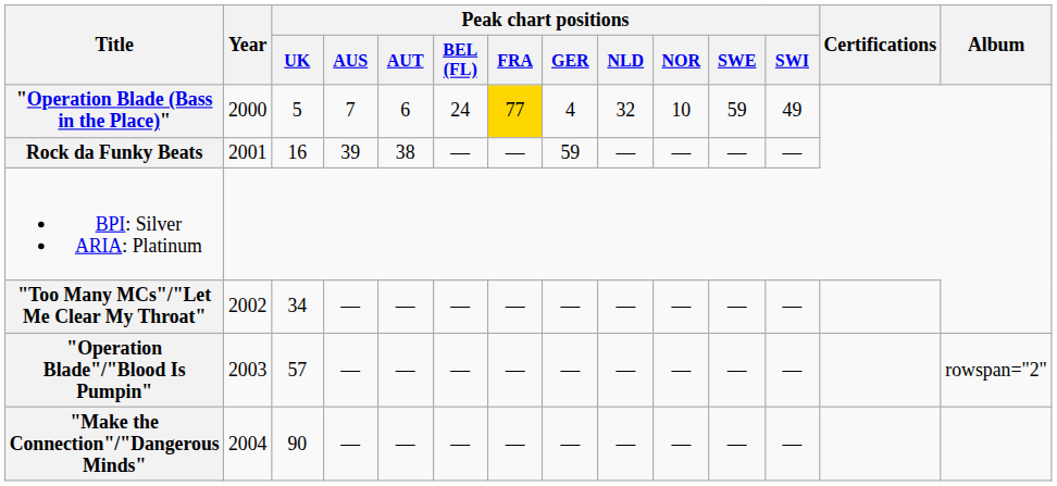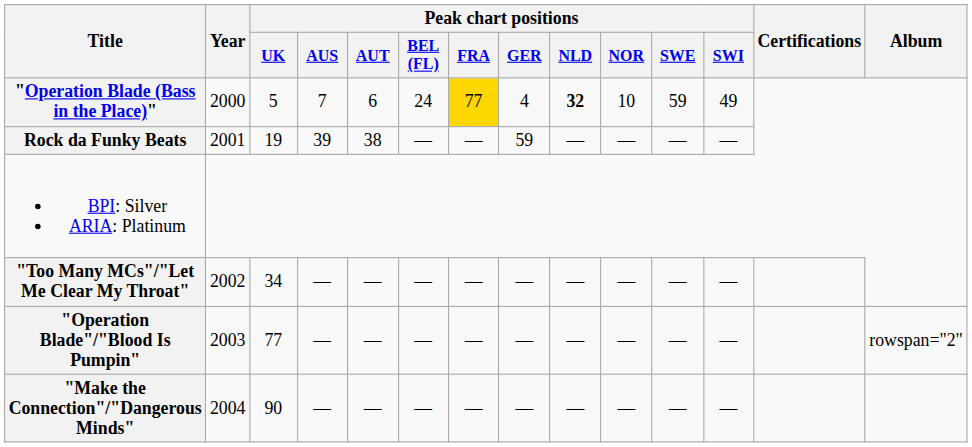 <table class="wikitable plainrowheaders" style="text-align:center;">
 <tr>
 <th scope="col" rowspan="2">Title</th>
 <th scope="col" rowspan="2">Year</th>
 <th scope="col" colspan="10">Peak chart positions</th>
 <th scope="col" rowspan="2">Certifications</th>
 <th scope="col" rowspan="2">Album</th>
 </tr>
 <tr>
 <th scope="col" style="width:3em;font-size:90%;"><a href='#'>UK</a><br></th>
 <th scope="col" style="width:3em;font-size:90%;"><a href='#'>AUS</a><br></th>
 <th scope="col" style="width:3em;font-size:90%;"><a href='#'>AUT</a><br></th>
 <th scope="col" style="width:3em;font-size:90%;"><a href='#'>BEL<br>(FL)</a><br></th>
 <th scope="col" style="width:3em;font-size:90%;"><a href='#'>FRA</a><br></th>
 <th scope="col" style="width:3em;font-size:90%;"><a href='#'>GER</a><br></th>
 <th scope="col" style="width:3em;font-size:90%;"><a href='#'>NLD</a><br></th>
 <th scope="col" style="width:3em;font-size:90%;"><a href='#'>NOR</a><br></th>
 <th scope="col" style="width:3em;font-size:90%;"><a href='#'>SWE</a><br></th>
 <th scope="col" style="width:3em;font-size:90%;"><a href='#'>SWI</a><br></th>
 </tr>
 <tr>
 <th scope="row">"<a href='#'>Operation Blade (Bass in the Place)</a>"</th>
 <td>2000</td>
 <td>5</td>
 <td>7</td>
 <td>6</td>
 <td>24</td>
 <td style="background: gold;">77</td>
 <td>4</td>
-<td>32</td>
+<td><strong>32</strong></td>
 <td>10</td>
 <td>59</td>
 <td>49</td>
 </tr>
 <tr>
 <th scope="row">Rock da Funky Beats<br></th>
 <td>2001</td>
-<td>16</td>
+<td>19</td>
 <td>39</td>
 <td>38</td>
 <td>—</td>
 <td>—</td>
 <td>59</td>
 <td>—</td>
 <td>—</td>
 <td>—</td>
 <td>—</td>
 </tr>
 <tr>
 <td><br><ul><li><a href='#'>BPI</a>: Silver</li><li><a href='#'>ARIA</a>: Platinum</li></ul></td>
 </tr>
 <tr>
 <th scope="row">"Too Many MCs"/"Let Me Clear My Throat"</th>
 <td>2002</td>
 <td>34</td>
 <td>—</td>
 <td>—</td>
 <td>—</td>
 <td>—</td>
 <td>—</td>
 <td>—</td>
 <td>—</td>
 <td>—</td>
 <td>—</td>
 <td></td>
 </tr>
 <tr>
 <th scope="row">"Operation Blade"/"Blood Is Pumpin"<br></th>
 <td>2003</td>
-<td>57</td>
+<td>77</td>
 <td>—</td>
 <td>—</td>
 <td>—</td>
 <td>—</td>
 <td>—</td>
 <td>—</td>
 <td>—</td>
 <td>—</td>
 <td>—</td>
 <td></td>
 <td>rowspan="2" </td>
 </tr>
 <tr>
 <th scope="row">"Make the Connection"/"Dangerous Minds"</th>
 <td>2004</td>
 <td>90</td>
 <td>—</td>
 <td>—</td>
 <td>—</td>
 <td>—</td>
 <td>—</td>
 <td>—</td>
 <td>—</td>
 <td>—</td>
 <td>—</td>
 <td></td>
 </tr>
 </table>
